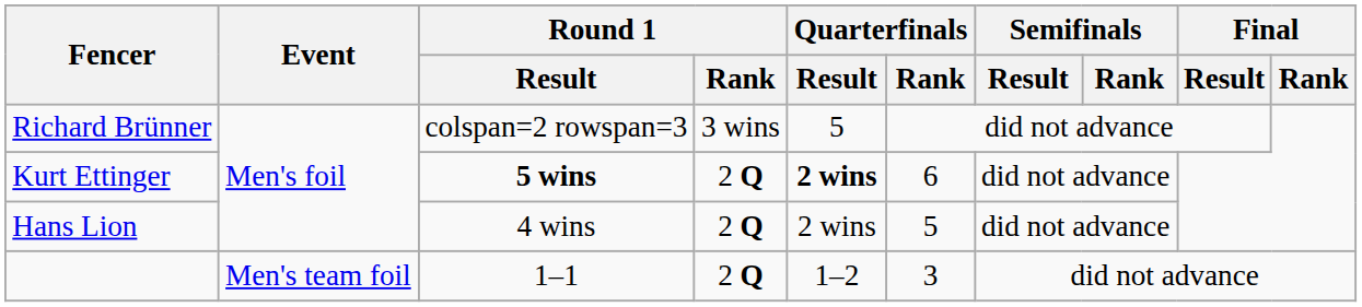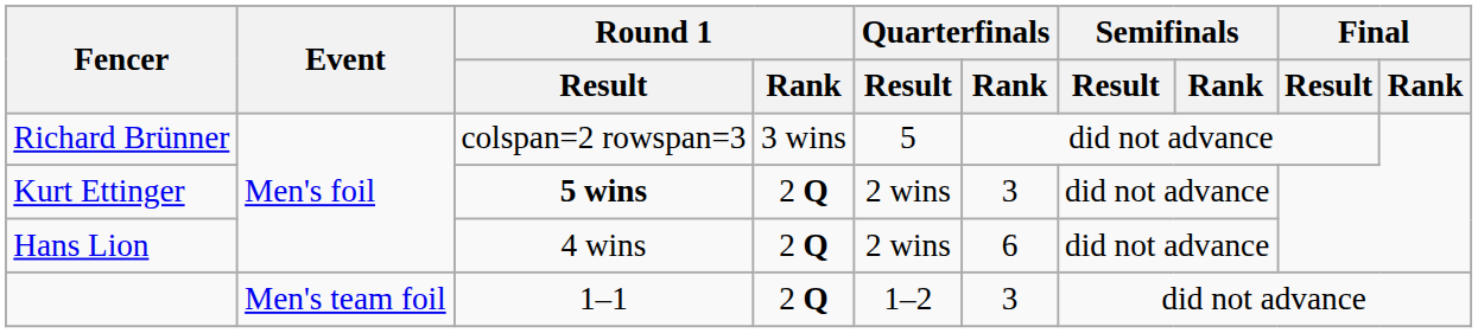 <table class=wikitable style="font-size:90%">
 <tr>
 <th rowspan=2>Fencer</th>
 <th rowspan=2>Event</th>
 <th colspan=2>Round 1</th>
 <th colspan=2>Quarterfinals</th>
 <th colspan=2>Semifinals</th>
 <th colspan=2>Final</th>
 </tr>
 <tr>
 <th>Result</th>
 <th>Rank</th>
 <th>Result</th>
 <th>Rank</th>
 <th>Result</th>
 <th>Rank</th>
 <th>Result</th>
 <th>Rank</th>
 </tr>
 <tr>
 <td><a href='#'>Richard Brünner</a></td>
 <td rowspan=3><a href='#'>Men's foil</a></td>
 <td>colspan=2 rowspan=3 </td>
 <td align=center>3 wins</td>
 <td align=center>5</td>
 <td align=center colspan=4>did not advance</td>
 </tr>
 <tr>
 <td><a href='#'>Kurt Ettinger</a></td>
 <td align=center><strong>5 wins</strong></td>
 <td align=center>2 <strong>Q</strong></td>
-<td align=center><strong>2 wins</strong></td>
-<td align=center>6</td>
+<td align=center>2 wins</td>
+<td align=center>3</td>
 <td align=center colspan=2>did not advance</td>
 </tr>
 <tr>
 <td><a href='#'>Hans Lion</a></td>
 <td align=center>4 wins</td>
 <td align=center>2 <strong>Q</strong></td>
 <td align=center>2 wins</td>
-<td align=center>5</td>
+<td align=center>6</td>
 <td align=center colspan=2>did not advance</td>
 </tr>
 <tr>
 <td></td>
 <td><a href='#'>Men's team foil</a></td>
 <td align=center>1–1</td>
 <td align=center>2 <strong>Q</strong></td>
 <td align=center>1–2</td>
 <td align=center>3</td>
 <td align=center colspan=4>did not advance</td>
 </tr>
 </table>
